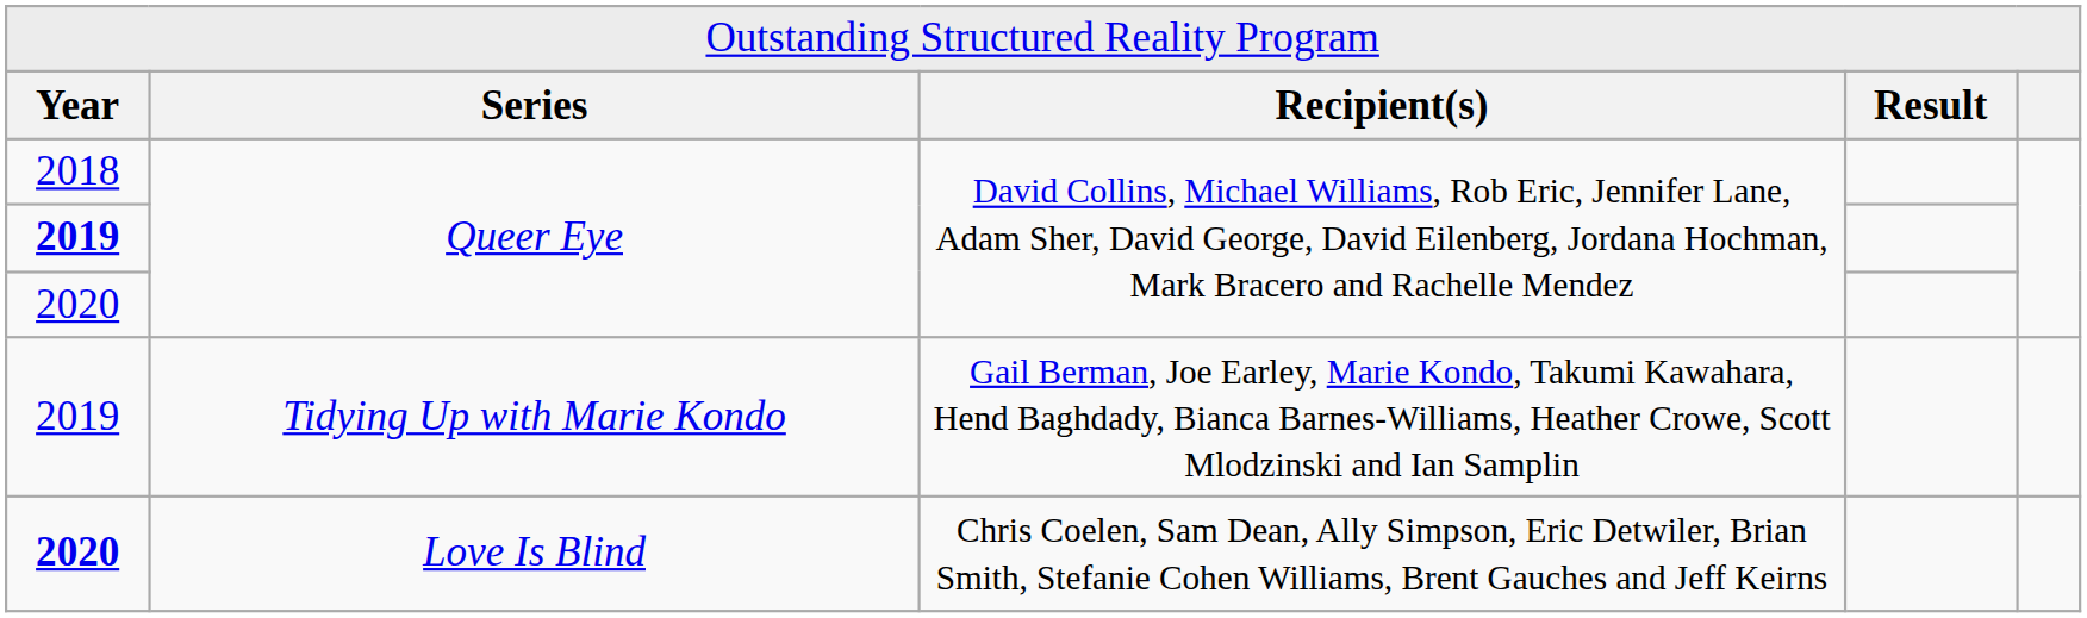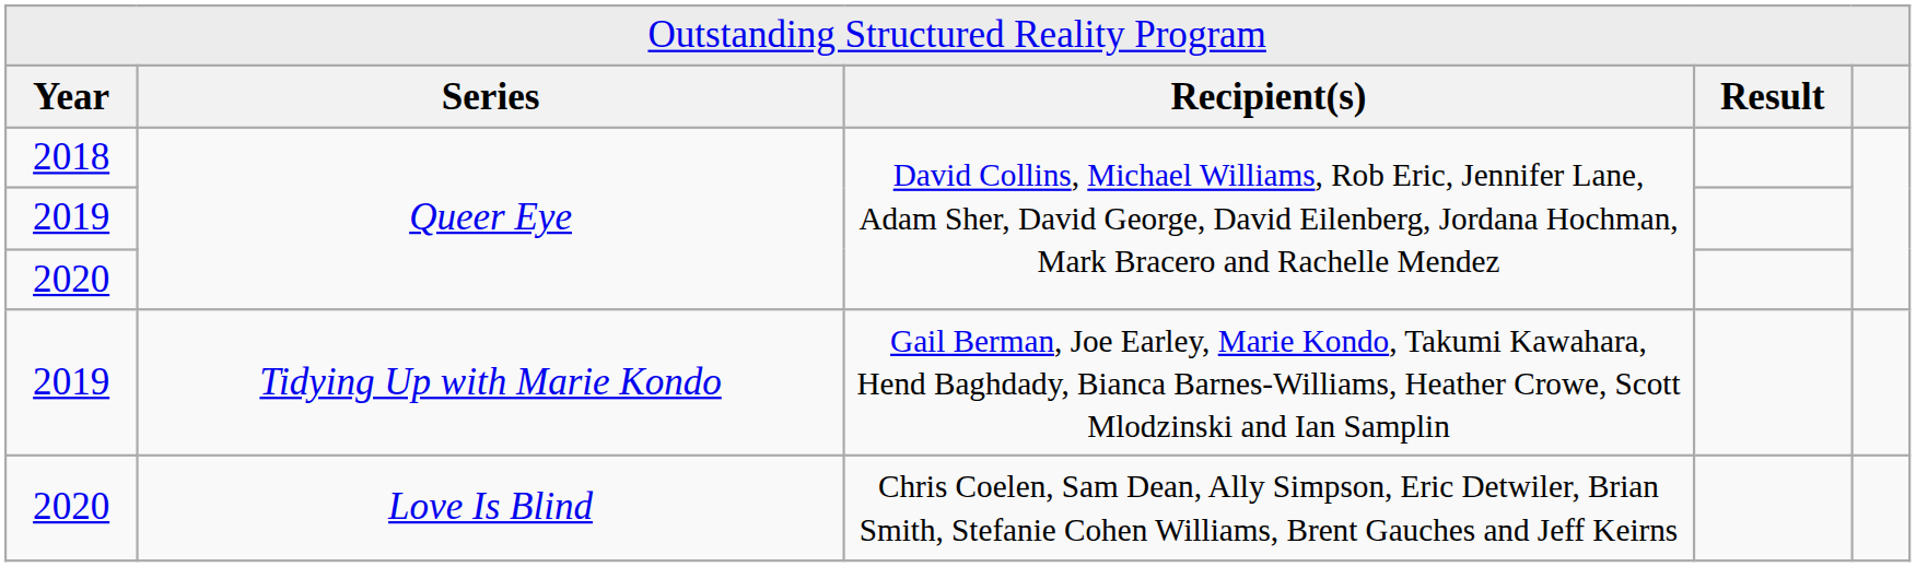 <table class="wikitable plainrowheaders" style="font-size: 100%" width=90%>
 <tr>
 <td style="background: #ececec; color:grey; text-align:center;" colspan="10"><a href='#'>Outstanding Structured Reality Program</a></td>
 </tr>
 <tr>
 <th width="4%">Year</th>
 <th width="25%">Series</th>
 <th width="30%">Recipient(s)</th>
 <th width="4%">Result</th>
 <th width="2%"></th>
 </tr>
 <tr>
 <td style="text-align:center;"><a href='#'>2018</a></td>
 <td style="text-align:center;" rowspan="3"><em><a href='#'>Queer Eye</a></em></td>
 <td style="text-align:center;" rowspan="3"><small><a href='#'>David Collins</a>, <a href='#'>Michael Williams</a>, Rob Eric, Jennifer Lane, Adam Sher, David George, David Eilenberg, Jordana Hochman, Mark Bracero and Rachelle Mendez</small></td>
 <td></td>
 <td style="text-align:center;" rowspan="3"></td>
 </tr>
 <tr>
-<td style="text-align:center;"><strong><a href='#'>2019</a></strong></td>
+<td style="text-align:center;"><a href='#'>2019</a></td>
 <td></td>
 </tr>
 <tr>
 <td style="text-align:center;"><a href='#'>2020</a></td>
 <td></td>
 </tr>
 <tr>
 <td style="text-align:center;"><a href='#'>2019</a></td>
 <td style="text-align:center;"><em><a href='#'>Tidying Up with Marie Kondo</a></em></td>
 <td style="text-align:center;"><small><a href='#'>Gail Berman</a>, Joe Earley, <a href='#'>Marie Kondo</a>, Takumi Kawahara, Hend Baghdady, Bianca Barnes-Williams, Heather Crowe, Scott Mlodzinski and Ian Samplin</small></td>
 <td></td>
 <td style="text-align:center;"></td>
 </tr>
 <tr>
-<td style="text-align:center;"><strong><a href='#'>2020</a></strong></td>
+<td style="text-align:center;"><a href='#'>2020</a></td>
 <td style="text-align:center;"><em><a href='#'>Love Is Blind</a></em></td>
 <td style="text-align:center;"><small>Chris Coelen, Sam Dean, Ally Simpson, Eric Detwiler, Brian Smith, Stefanie Cohen Williams, Brent Gauches and Jeff Keirns</small></td>
 <td></td>
 <td style="text-align:center;"></td>
 </tr>
 </table>
